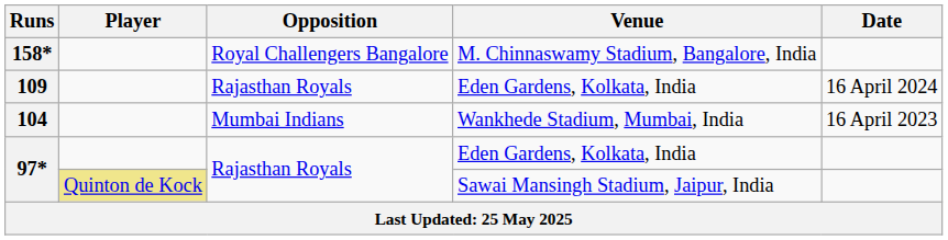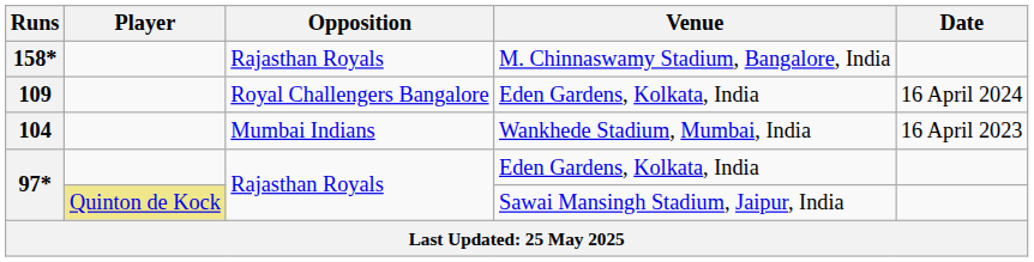 <table class="wikitable" style="text-align:left;font-size:96%;">
 <tr>
 <th><strong>Runs</strong></th>
 <th><strong>Player</strong></th>
 <th><strong>Opposition</strong></th>
 <th><strong>Venue</strong></th>
 <th><strong>Date</strong></th>
 </tr>
 <tr>
 <th scope=row style=text-align:center;>158*</th>
 <td></td>
-<td><a href='#'>Royal Challengers Bangalore</a></td>
+<td><a href='#'>Rajasthan Royals</a></td>
 <td><a href='#'>M. Chinnaswamy Stadium</a>, <a href='#'>Bangalore</a>, India</td>
 <td></td>
 </tr>
 <tr>
 <th scope=row style=text-align:center;>109</th>
 <td></td>
-<td><a href='#'>Rajasthan Royals</a></td>
+<td><a href='#'>Royal Challengers Bangalore</a></td>
 <td><a href='#'>Eden Gardens</a>, <a href='#'>Kolkata</a>, India</td>
 <td>16 April 2024</td>
 </tr>
 <tr>
 <th scope=row style=text-align:center;>104</th>
 <td></td>
 <td><a href='#'>Mumbai Indians</a></td>
 <td><a href='#'>Wankhede Stadium</a>, <a href='#'>Mumbai</a>, India</td>
 <td>16 April 2023</td>
 </tr>
 <tr>
 <th scope="row" style="text-align:center;" rowspan=2>97*</th>
 <td></td>
 <td rowspan=2><a href='#'>Rajasthan Royals</a></td>
 <td><a href='#'>Eden Gardens</a>, <a href='#'>Kolkata</a>, India</td>
 <td></td>
 </tr>
 <tr>
 <td style="background: khaki;"><a href='#'>Quinton de Kock</a> </td>
 <td><a href='#'>Sawai Mansingh Stadium</a>, <a href='#'>Jaipur</a>, India</td>
 <td></td>
 </tr>
 <tr class=sortbottom>
 <th colspan=6><small>Last Updated: 25 May 2025</small></th>
 </tr>
 </table>
